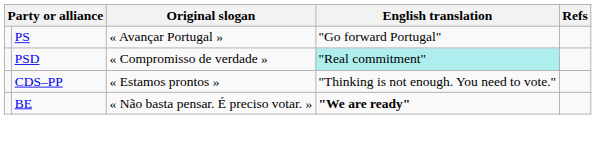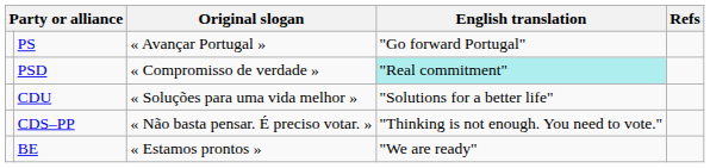 <table class="wikitable" style="font-size:97%; text-align:left;">
 <tr>
 <th style="text-align:left;" colspan="2">Party or alliance</th>
 <th>Original slogan</th>
 <th>English translation</th>
 <th>Refs</th>
 </tr>
 <tr>
 <td width="1"></td>
 <td><a href='#'>PS</a></td>
 <td>« Avançar Portugal »</td>
 <td>"Go forward Portugal"</td>
 <td></td>
 </tr>
 <tr>
 <td></td>
 <td><a href='#'>PSD</a></td>
 <td>« Compromisso de verdade »</td>
 <td style="background: paleturquoise;">"Real commitment"</td>
 <td></td>
 </tr>
 <tr>
 <td></td>
+<td><a href='#'>CDU</a></td>
+<td>« Soluções para uma vida melhor »</td>
+<td>"Solutions for a better life"</td>
+<td></td>
+</tr>
+<tr>
+<td></td>
 <td><a href='#'>CDS–PP</a></td>
-<td>« Estamos prontos »</td>
+<td>« Não basta pensar. É preciso votar. »</td>
 <td>"Thinking is not enough. You need to vote."</td>
 <td></td>
 </tr>
 <tr>
 <td></td>
 <td><a href='#'>BE</a></td>
-<td>« Não basta pensar. É preciso votar. »</td>
-<td><strong>"We are ready"</strong></td>
+<td>« Estamos prontos »</td>
+<td>"We are ready"</td>
 <td></td>
 </tr>
 </table>
